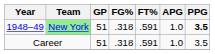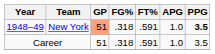 <table class="wikitable sortable" style="font-size:95%; text-align:right;">
 <tr>
 <th>Year</th>
 <th>Team</th>
 <th>GP</th>
 <th>FG%</th>
 <th>FT%</th>
 <th>APG</th>
 <th>PPG</th>
 </tr>
 <tr>
 <td style="text-align:left;"><a href='#'>1948–49</a></td>
-<td style="background: lightgreen; text-align:left;"><a href='#'>New York</a></td>
-<td>51</td>
+<td style="text-align:left;"><a href='#'>New York</a></td>
+<td style="background: lightsalmon;">51</td>
 <td>.318</td>
 <td>.591</td>
 <td>1.0</td>
 <td><strong>3.5</strong></td>
 </tr>
 <tr>
 <td style="text-align:center;" colspan="2">Career</td>
 <td>51</td>
 <td>.318</td>
 <td>.591</td>
 <td>1.0</td>
 <td>3.5</td>
 </tr>
 <tr>
 </tr>
 </table>
